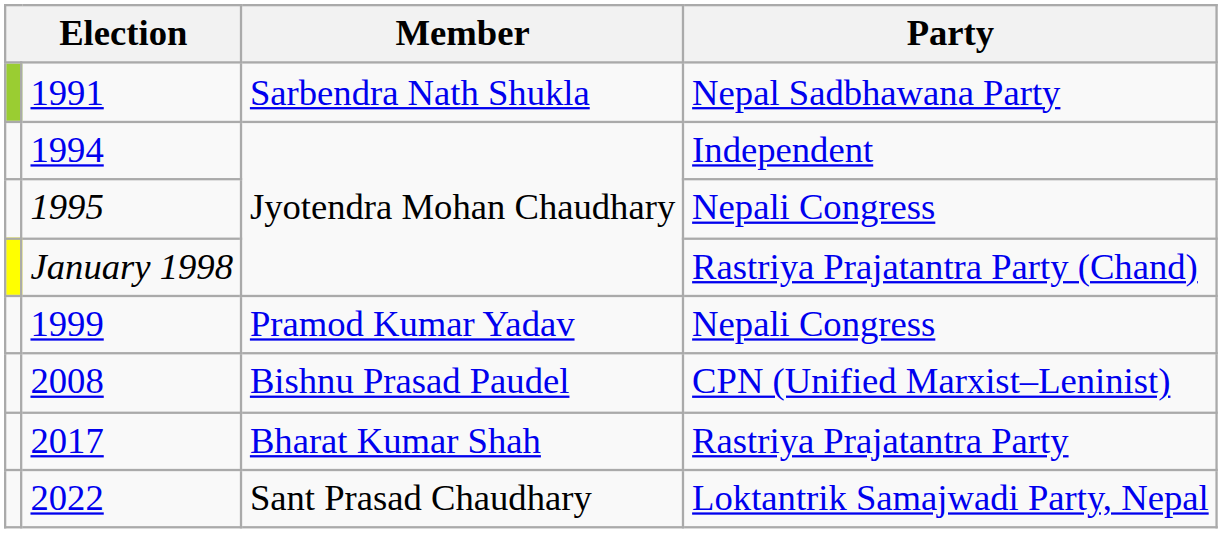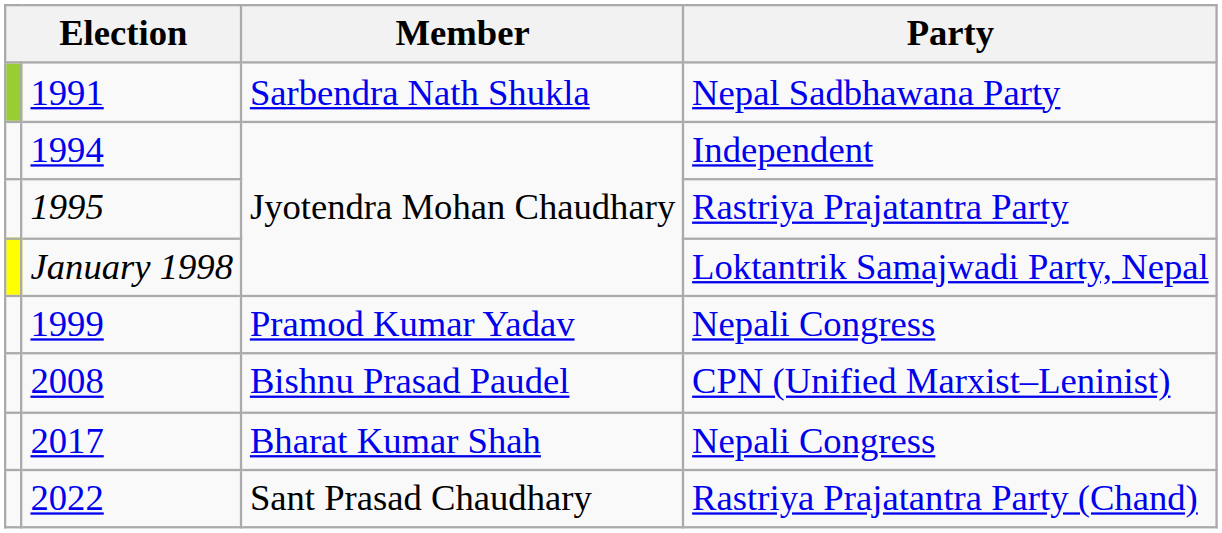 <table class="wikitable">
 <tr>
 <th colspan="2">Election</th>
 <th>Member</th>
 <th>Party</th>
 </tr>
 <tr>
 <td style="background-color:yellowgreen"></td>
 <td><a href='#'>1991</a></td>
 <td><a href='#'>Sarbendra Nath Shukla</a></td>
 <td><a href='#'>Nepal Sadbhawana Party</a></td>
 </tr>
 <tr>
 <td style="background-color:"></td>
 <td><a href='#'>1994</a></td>
 <td rowspan="3">Jyotendra Mohan Chaudhary</td>
 <td><a href='#'>Independent</a></td>
 </tr>
 <tr>
 <td style="background-color:"></td>
 <td><em>1995</em></td>
-<td><a href='#'>Nepali Congress</a></td>
+<td><a href='#'>Rastriya Prajatantra Party</a></td>
 </tr>
 <tr>
 <td style="background-color:yellow"></td>
 <td><em>January 1998</em></td>
-<td><a href='#'>Rastriya Prajatantra Party (Chand)</a></td>
+<td><a href='#'>Loktantrik Samajwadi Party, Nepal</a></td>
 </tr>
 <tr>
 <td style="background-color:"></td>
 <td><a href='#'>1999</a></td>
 <td><a href='#'>Pramod Kumar Yadav</a></td>
 <td><a href='#'>Nepali Congress</a></td>
 </tr>
 <tr>
 <td style="background-color:"></td>
 <td><a href='#'>2008</a></td>
 <td><a href='#'>Bishnu Prasad Paudel</a></td>
 <td><a href='#'>CPN (Unified Marxist–Leninist)</a></td>
 </tr>
 <tr>
 <td style="background-color:"></td>
 <td><a href='#'>2017</a></td>
 <td><a href='#'>Bharat Kumar Shah</a></td>
-<td><a href='#'>Rastriya Prajatantra Party</a></td>
+<td><a href='#'>Nepali Congress</a></td>
 </tr>
 <tr>
 <td></td>
 <td><a href='#'>2022</a></td>
 <td>Sant Prasad Chaudhary</td>
-<td><a href='#'>Loktantrik Samajwadi Party, Nepal</a></td>
+<td><a href='#'>Rastriya Prajatantra Party (Chand)</a></td>
 </tr>
 </table>
